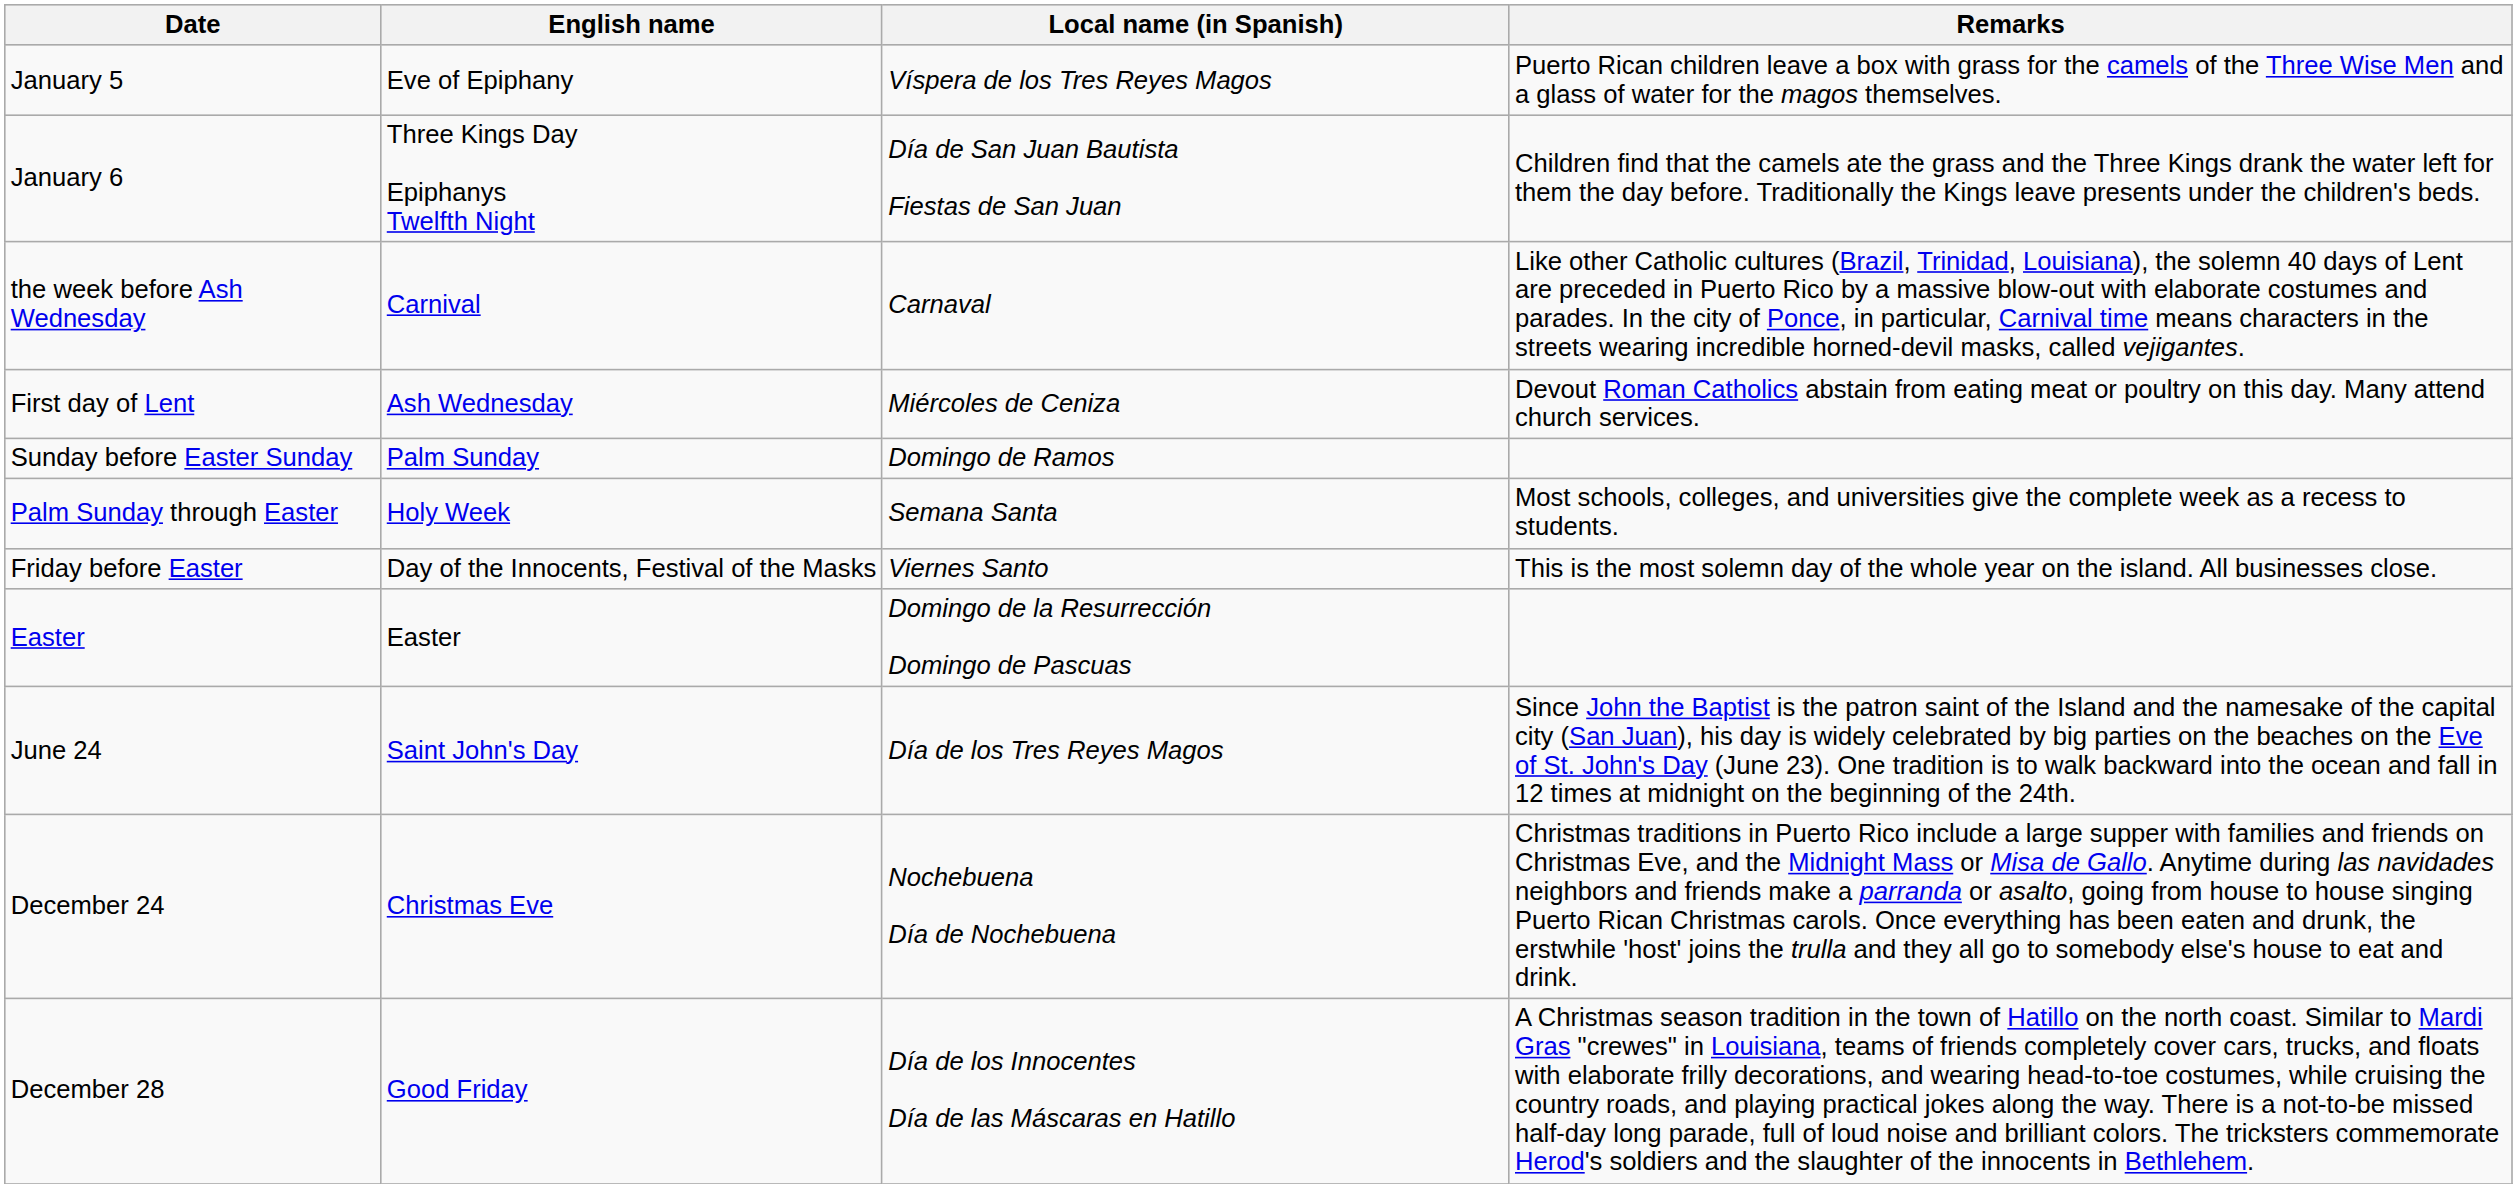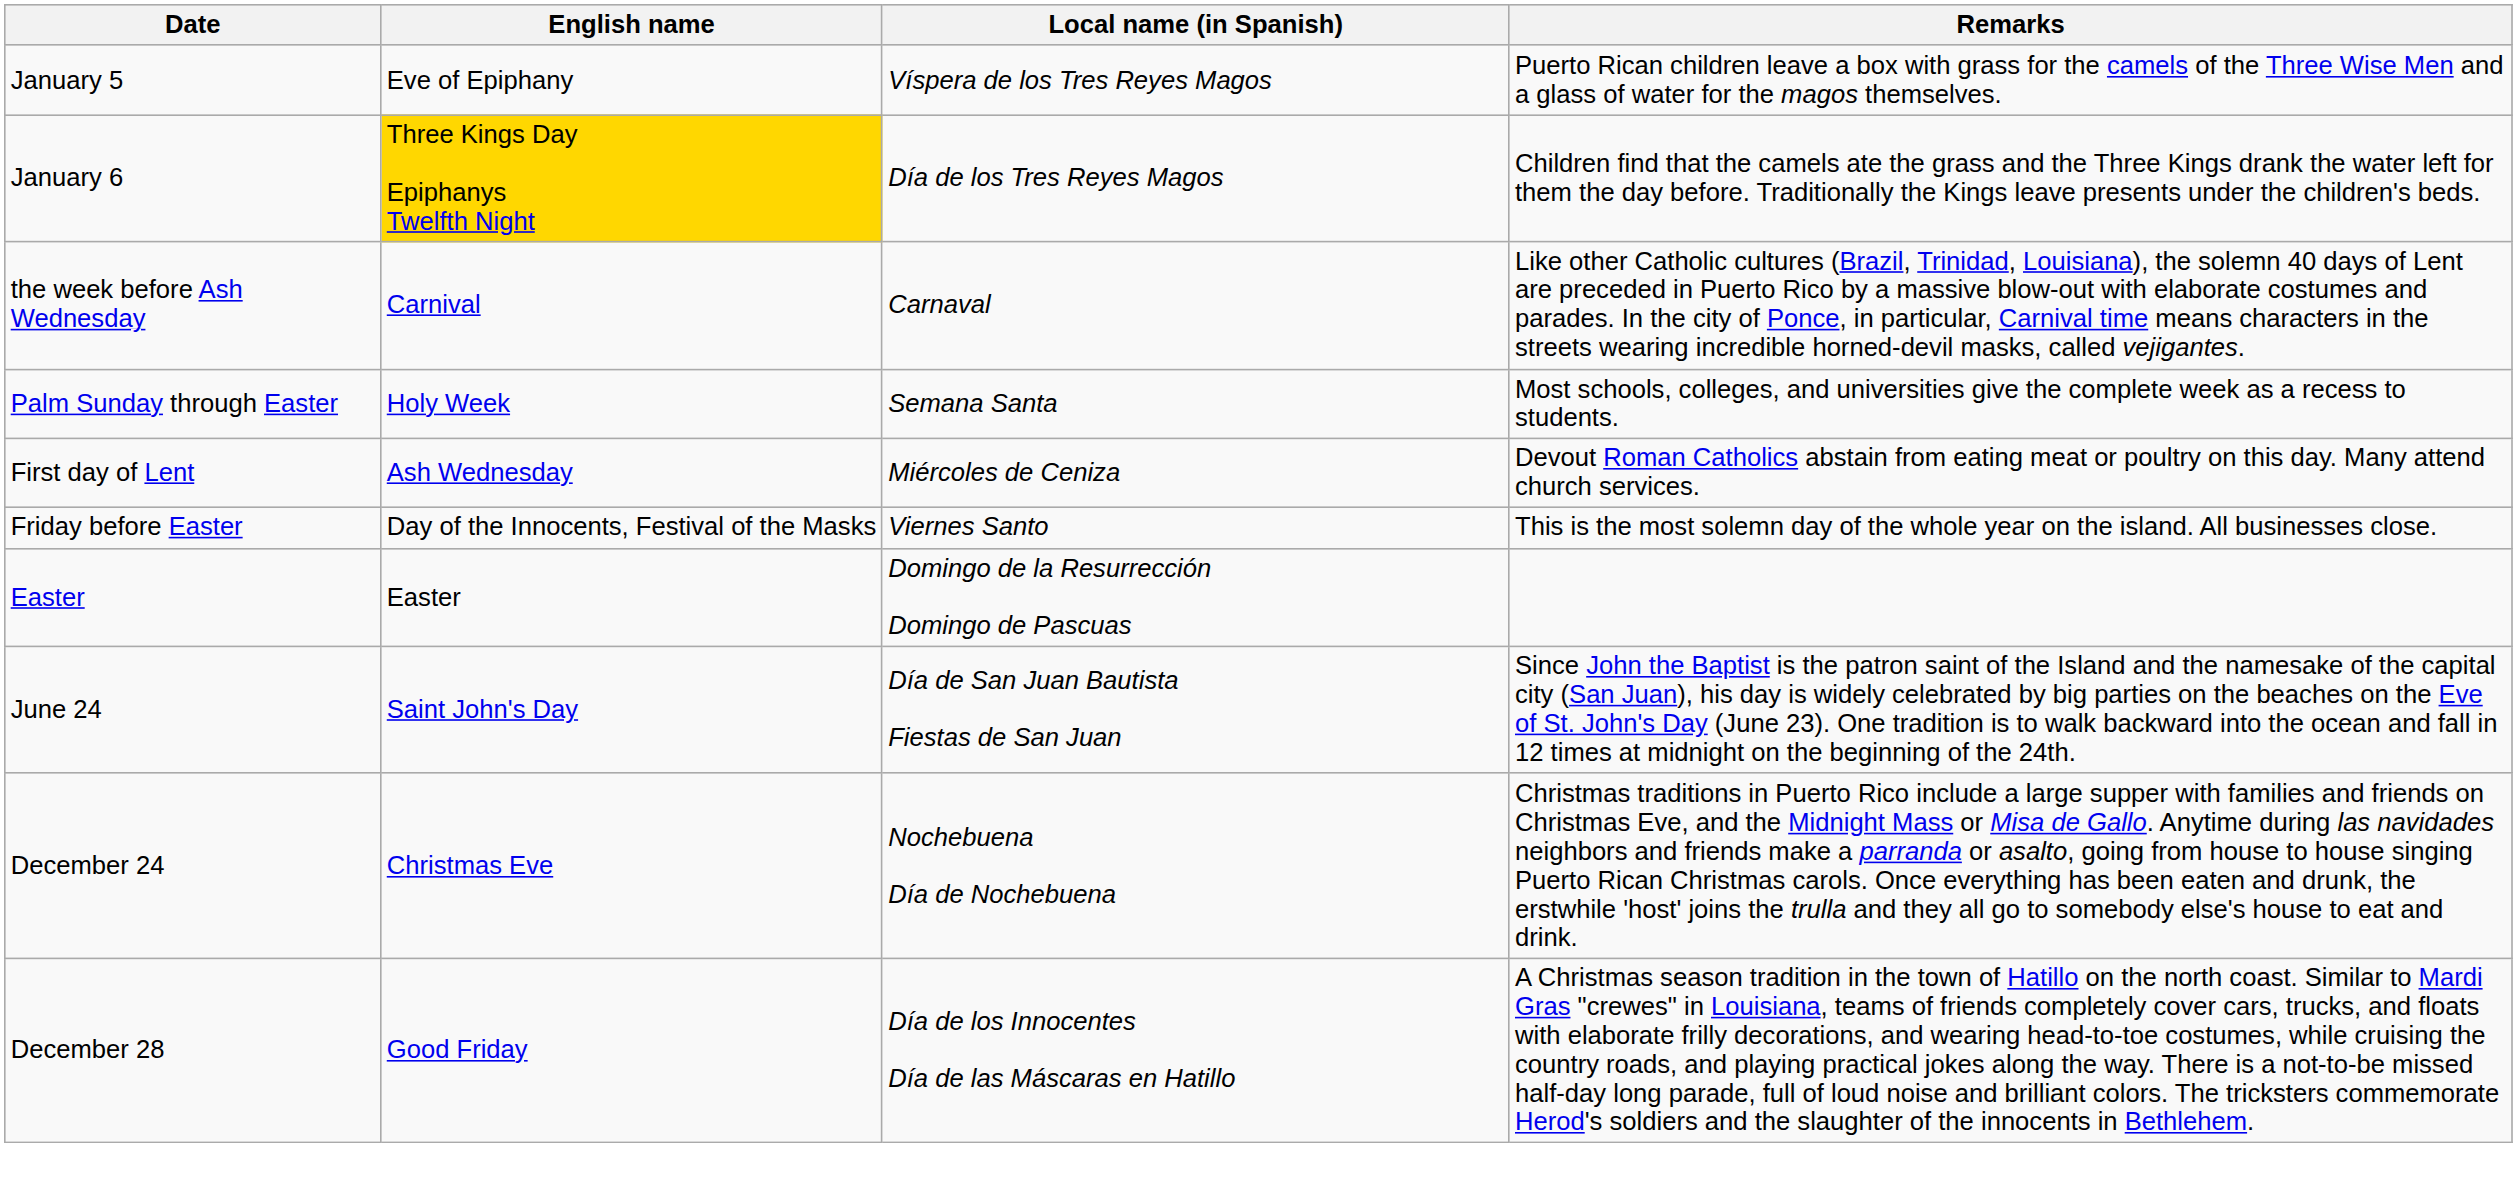 <table class="wikitable">
 <tr>
 <th width="15%">Date</th>
 <th width="20%">English name</th>
 <th width="25%">Local name (in Spanish)</th>
 <th width="40%">Remarks</th>
 </tr>
 <tr>
 <td>January 5</td>
 <td>Eve of Epiphany</td>
 <td><em>Víspera de los Tres Reyes Magos</em></td>
 <td>Puerto Rican children leave a box with grass for the <a href='#'>camels</a> of the <a href='#'>Three Wise Men</a> and a glass of water for the <em>magos</em> themselves.</td>
 </tr>
 <tr>
 <td>January 6</td>
-<td>Three Kings Day<br><br>Epiphanys<br> <a href='#'>Twelfth Night</a></td>
-<td><em>Día de San Juan Bautista</em><br><br><em>Fiestas de San Juan</em></td>
+<td style="background: gold;">Three Kings Day<br><br>Epiphanys<br> <a href='#'>Twelfth Night</a></td>
+<td><em>Día de los Tres Reyes Magos</em></td>
 <td>Children find that the camels ate the grass and the Three Kings drank the water left for them the day before. Traditionally the Kings leave presents under the children's beds.</td>
 </tr>
 <tr>
 <td>the week before <a href='#'>Ash Wednesday</a></td>
 <td><a href='#'>Carnival</a></td>
 <td><em>Carnaval</em></td>
 <td>Like other Catholic cultures (<a href='#'>Brazil</a>, <a href='#'>Trinidad</a>, <a href='#'>Louisiana</a>), the solemn 40 days of Lent are preceded in Puerto Rico by a massive blow-out with elaborate costumes and parades. In the city of <a href='#'>Ponce</a>, in particular, <a href='#'>Carnival time</a> means characters in the streets wearing incredible horned-devil masks, called <em>vejigantes</em>.</td>
 </tr>
 <tr>
+<td><a href='#'>Palm Sunday</a> through <a href='#'>Easter</a></td>
+<td><a href='#'>Holy Week</a></td>
+<td><em>Semana Santa</em></td>
+<td>Most schools, colleges, and universities give the complete week as a recess to students.</td>
+</tr>
+<tr>
 <td>First day of <a href='#'>Lent</a></td>
 <td><a href='#'>Ash Wednesday</a></td>
 <td><em>Miércoles de Ceniza</em></td>
 <td>Devout <a href='#'>Roman Catholics</a> abstain from eating meat or poultry on this day. Many attend church services.</td>
-</tr>
-<tr>
-<td>Sunday before <a href='#'>Easter Sunday</a></td>
-<td><a href='#'>Palm Sunday</a></td>
-<td><em>Domingo de Ramos</em></td>
-<td> </td>
-</tr>
-<tr>
-<td><a href='#'>Palm Sunday</a> through <a href='#'>Easter</a></td>
-<td><a href='#'>Holy Week</a></td>
-<td><em>Semana Santa</em></td>
-<td>Most schools, colleges, and universities give the complete week as a recess to students.</td>
 </tr>
 <tr>
 <td>Friday before <a href='#'>Easter</a></td>
 <td>Day of the Innocents, Festival of the Masks</td>
 <td><em>Viernes Santo</em></td>
 <td>This is the most solemn day of the whole year on the island. All businesses close.</td>
 </tr>
 <tr>
 <td><a href='#'>Easter</a></td>
 <td>Easter</td>
 <td><em>Domingo de la Resurrección</em><br><br><em>Domingo de Pascuas</em></td>
 <td> </td>
 </tr>
 <tr>
 <td>June 24</td>
 <td><a href='#'>Saint John's Day</a></td>
-<td><em>Día de los Tres Reyes Magos</em></td>
+<td><em>Día de San Juan Bautista</em><br><br><em>Fiestas de San Juan</em></td>
 <td>Since <a href='#'>John the Baptist</a> is the patron saint of the Island and the namesake of the capital city (<a href='#'>San Juan</a>), his day is widely celebrated by big parties on the beaches on the <a href='#'>Eve of St. John's Day</a> (June 23). One tradition is to walk backward into the ocean and fall in 12 times at midnight on the beginning of the 24th.</td>
 </tr>
 <tr>
 <td>December 24</td>
 <td><a href='#'>Christmas Eve</a></td>
 <td><em>Nochebuena</em><br><br><em>Día de Nochebuena</em></td>
 <td>Christmas traditions in Puerto Rico include a large supper with families and friends on Christmas Eve, and the <a href='#'>Midnight Mass</a> or <em><a href='#'>Misa de Gallo</a></em>. Anytime during <em>las navidades</em> neighbors and friends make a <em><a href='#'>parranda</a></em> or <em>asalto</em>, going from house to house singing Puerto Rican Christmas carols. Once everything has been eaten and drunk, the erstwhile 'host' joins the <em>trulla</em> and they all go to somebody else's house to eat and drink.</td>
 </tr>
 <tr>
 <td>December 28</td>
 <td><a href='#'>Good Friday</a></td>
 <td><em>Día de los Innocentes</em><br><br><em>Día de las Máscaras en Hatillo</em></td>
 <td>A Christmas season tradition in the town of <a href='#'>Hatillo</a> on the north coast. Similar to <a href='#'>Mardi Gras</a> "crewes" in <a href='#'>Louisiana</a>, teams of friends completely cover cars, trucks, and floats with elaborate frilly decorations, and wearing head-to-toe costumes, while cruising the country roads, and playing practical jokes along the way. There is a not-to-be missed half-day long parade, full of loud noise and brilliant colors. The tricksters commemorate <a href='#'>Herod</a>'s soldiers and the slaughter of the innocents in <a href='#'>Bethlehem</a>.</td>
 </tr>
 </table>
